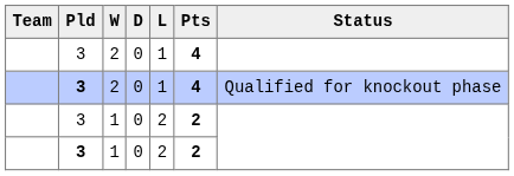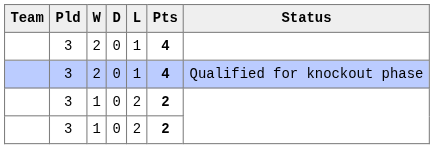 <table style=border-collapse:collapse border=1 cellspacing=0 cellpadding=5>
 <tr align=center bgcolor=#efefef>
 <th>Team</th>
 <th>Pld</th>
 <th>W</th>
 <th>D</th>
 <th>L</th>
 <th>Pts</th>
 <th>Status</th>
 </tr>
 <tr align=center style="background:#FFFFFF;">
 <td style="text-align:left;"> </td>
 <td>3</td>
 <td>2</td>
 <td>0</td>
 <td>1</td>
 <td><strong>4</strong></td>
 <td rowspan=1></td>
 </tr>
 <tr align=center style="background:#bbccff;">
 <td style="text-align:left;"> </td>
-<td><strong>3</strong></td>
+<td>3</td>
 <td>2</td>
 <td>0</td>
 <td>1</td>
 <td><strong>4</strong></td>
 <td rowspan=1>Qualified for knockout phase</td>
 </tr>
 <tr align=center style="background:#FFFFFF;">
 <td style="text-align:left;"> </td>
 <td>3</td>
 <td>1</td>
 <td>0</td>
 <td>2</td>
 <td><strong>2</strong></td>
 <td rowspan=2></td>
 </tr>
 <tr align=center style="background:#FFFFFF;">
 <td style="text-align:left;"> </td>
-<td><strong>3</strong></td>
+<td>3</td>
 <td>1</td>
 <td>0</td>
 <td>2</td>
 <td><strong>2</strong></td>
 </tr>
 </table>
